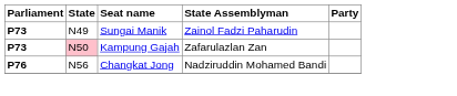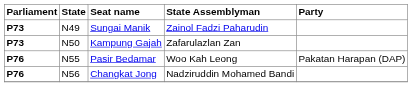 <table class="toccolours sortable" border="1" cellpadding="3" style="border-collapse:collapse; text-align: left;">
 <tr>
 <th align="center">Parliament</th>
 <th>State</th>
 <th>Seat name</th>
 <th>State Assemblyman</th>
 <th>Party</th>
 </tr>
 <tr>
 <th align="left">P73</th>
 <td>N49</td>
 <td><a href='#'>Sungai Manik</a></td>
 <td><a href='#'>Zainol Fadzi Paharudin</a></td>
 <td></td>
 </tr>
 <tr>
 <th align="left">P73</th>
-<td style="background: pink;">N50</td>
+<td>N50</td>
 <td><a href='#'>Kampung Gajah</a></td>
 <td>Zafarulazlan Zan</td>
 <td></td>
+</tr>
+<tr>
+<th align="left">P76</th>
+<td>N55</td>
+<td><a href='#'>Pasir Bedamar</a></td>
+<td>Woo Kah Leong</td>
+<td>Pakatan Harapan (DAP)</td>
 </tr>
 <tr>
 <th align="left">P76</th>
 <td>N56</td>
 <td><a href='#'>Changkat Jong</a></td>
 <td>Nadziruddin Mohamed Bandi</td>
 <td></td>
 </tr>
 <tr>
 </tr>
 </table>
